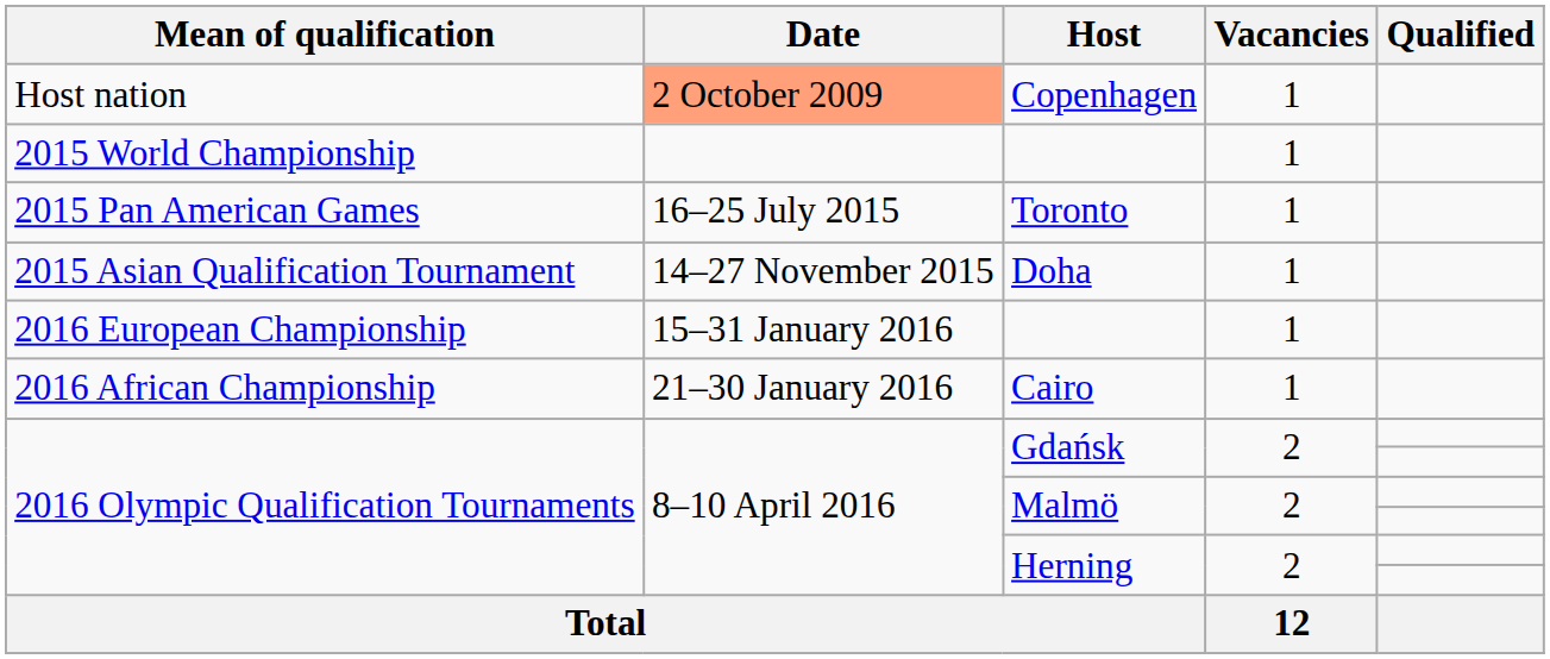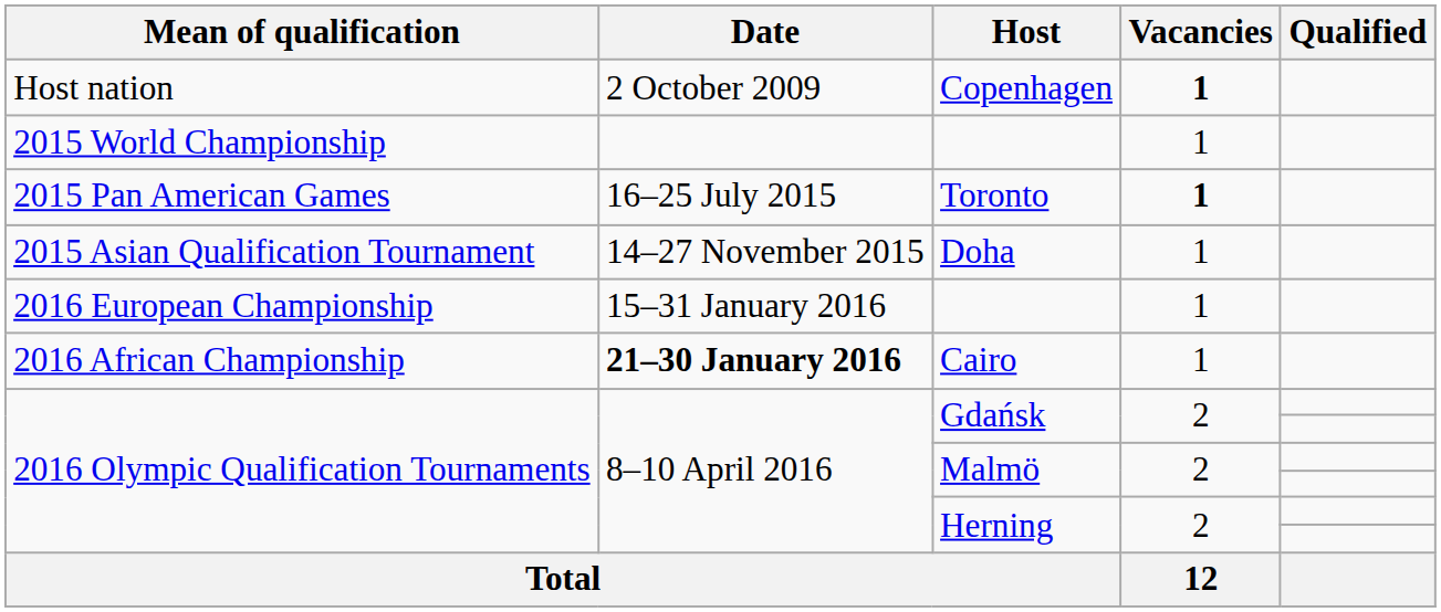 <table class="wikitable">
 <tr>
 <th>Mean of qualification</th>
 <th>Date</th>
 <th>Host</th>
 <th>Vacancies</th>
 <th>Qualified</th>
 </tr>
 <tr>
 <td>Host nation</td>
-<td style="background: lightsalmon;">2 October 2009</td>
+<td>2 October 2009</td>
 <td> <a href='#'>Copenhagen</a></td>
-<td style="text-align:center;">1</td>
+<td style="text-align:center;"><strong>1</strong></td>
 <td></td>
 </tr>
 <tr>
 <td><a href='#'>2015 World Championship</a></td>
 <td></td>
 <td></td>
 <td style="text-align:center;">1</td>
 <td></td>
 </tr>
 <tr>
 <td><a href='#'>2015 Pan American Games</a></td>
 <td>16–25 July 2015</td>
 <td> <a href='#'>Toronto</a></td>
-<td style="text-align:center;">1</td>
+<td style="text-align:center;"><strong>1</strong></td>
 <td></td>
 </tr>
 <tr>
 <td><a href='#'>2015 Asian Qualification Tournament</a></td>
 <td>14–27 November 2015</td>
 <td> <a href='#'>Doha</a></td>
 <td style="text-align:center;">1</td>
 <td></td>
 </tr>
 <tr>
 <td><a href='#'>2016 European Championship</a></td>
 <td>15–31 January 2016</td>
 <td></td>
 <td style="text-align:center;">1</td>
 <td></td>
 </tr>
 <tr>
 <td><a href='#'>2016 African Championship</a></td>
-<td>21–30 January 2016</td>
+<td><strong>21–30 January 2016</strong></td>
 <td> <a href='#'>Cairo</a></td>
 <td style="text-align:center;">1</td>
 <td></td>
 </tr>
 <tr>
 <td rowspan="6"><a href='#'>2016 Olympic Qualification Tournaments</a></td>
 <td rowspan="6">8–10 April 2016</td>
 <td rowspan="2"> <a href='#'>Gdańsk</a></td>
 <td rowspan="2" style="text-align:center;">2</td>
 <td></td>
 </tr>
 <tr>
 <td></td>
 </tr>
 <tr>
 <td rowspan="2"> <a href='#'>Malmö</a></td>
 <td rowspan="2" style="text-align:center;">2</td>
 <td></td>
 </tr>
 <tr>
 <td></td>
 </tr>
 <tr>
 <td rowspan="2"> <a href='#'>Herning</a></td>
 <td rowspan="2" style="text-align:center;">2</td>
 <td></td>
 </tr>
 <tr>
 <td></td>
 </tr>
 <tr>
 <th colspan="3">Total</th>
 <th>12</th>
 <th></th>
 </tr>
 </table>
